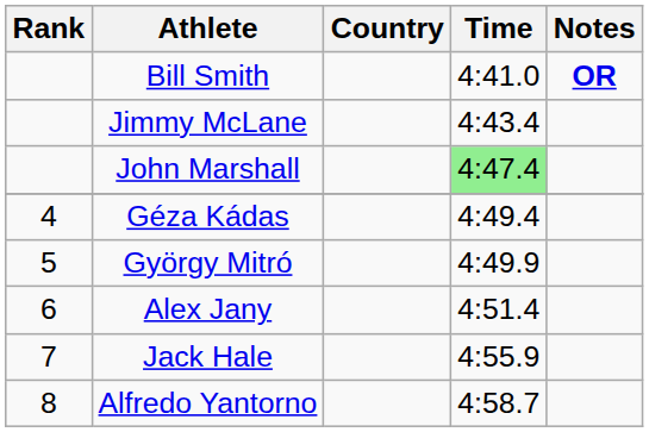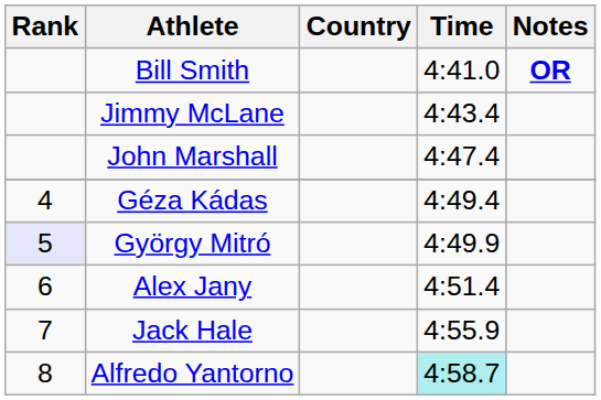 <table class="wikitable sortable" style="text-align:center">
 <tr>
 <th>Rank</th>
 <th>Athlete</th>
 <th>Country</th>
 <th>Time</th>
 <th>Notes</th>
 </tr>
 <tr>
 <td></td>
 <td><a href='#'>Bill Smith</a></td>
 <td align=left></td>
 <td>4:41.0</td>
 <td><strong><a href='#'>OR</a></strong></td>
 </tr>
 <tr>
 <td></td>
 <td><a href='#'>Jimmy McLane</a></td>
 <td align=left></td>
 <td>4:43.4</td>
 <td><strong> </strong></td>
 </tr>
 <tr>
 <td></td>
 <td><a href='#'>John Marshall</a></td>
 <td align=left></td>
-<td style="background: lightgreen;">4:47.4</td>
+<td>4:47.4</td>
 <td><strong> </strong></td>
 </tr>
 <tr>
 </tr>
 <tr>
 <td>4</td>
 <td><a href='#'>Géza Kádas</a></td>
 <td align=left></td>
 <td>4:49.4</td>
 <td><strong> </strong></td>
 </tr>
 <tr>
-<td>5</td>
+<td style="background: lavender;">5</td>
 <td><a href='#'>György Mitró</a></td>
 <td align=left></td>
 <td>4:49.9</td>
 <td><strong> </strong></td>
 </tr>
 <tr>
 <td>6</td>
 <td><a href='#'>Alex Jany</a></td>
 <td align=left></td>
 <td>4:51.4</td>
 <td><strong> </strong></td>
 </tr>
 <tr>
 <td>7</td>
 <td><a href='#'>Jack Hale</a></td>
 <td align=left></td>
 <td>4:55.9</td>
 <td><strong> </strong></td>
 </tr>
 <tr>
 <td>8</td>
 <td><a href='#'>Alfredo Yantorno</a></td>
 <td align=left></td>
-<td>4:58.7</td>
+<td style="background: paleturquoise;">4:58.7</td>
 <td><strong> </strong></td>
 </tr>
 </table>
